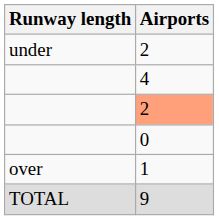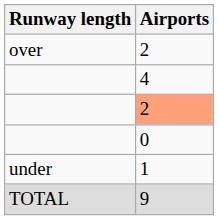 <table class="wikitable">
 <tr>
 <th>Runway length</th>
 <th>Airports</th>
 </tr>
 <tr>
-<td>under </td>
+<td>over </td>
 <td>2</td>
 </tr>
 <tr>
 <td></td>
 <td>4</td>
 </tr>
 <tr>
 <td></td>
 <td style="background: lightsalmon;">2</td>
 </tr>
 <tr>
 <td></td>
 <td>0</td>
 </tr>
 <tr>
-<td>over </td>
+<td>under </td>
 <td>1</td>
 </tr>
 <tr style="background-color:#DDDDDD;">
 <td>TOTAL</td>
 <td>9</td>
 </tr>
 </table>
